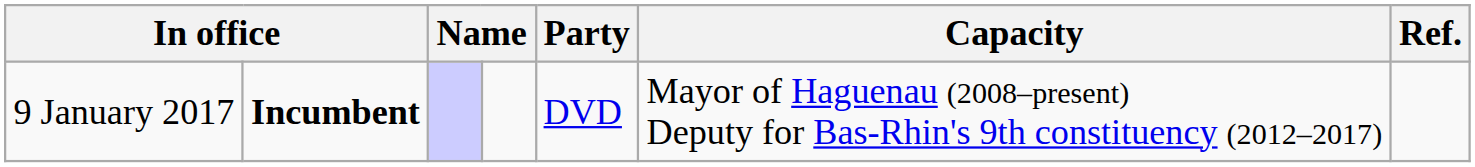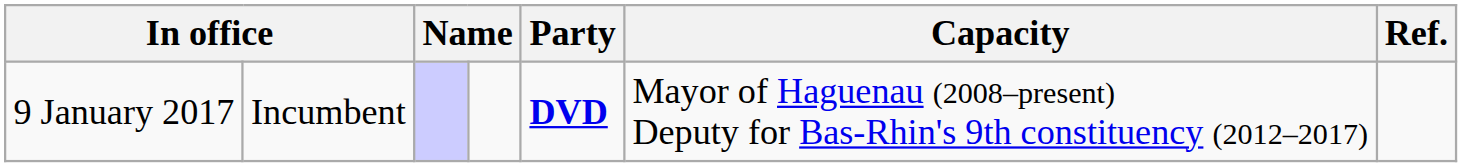 <table class="wikitable">
 <tr>
 <th colspan="2">In office</th>
 <th colspan="2">Name</th>
 <th>Party</th>
 <th>Capacity</th>
 <th>Ref.</th>
 </tr>
 <tr>
 <td>9 January 2017</td>
-<td><strong>Incumbent</strong></td>
+<td>Incumbent</td>
 <td bgcolor="#ccccff"></td>
 <td></td>
-<td><a href='#'>DVD</a></td>
+<td><strong><a href='#'>DVD</a></strong></td>
 <td>Mayor of <a href='#'>Haguenau</a> <small>(2008–present)</small><br>Deputy for <a href='#'>Bas-Rhin's 9th constituency</a> <small>(2012–2017)</small></td>
 <td></td>
 </tr>
 </table>
